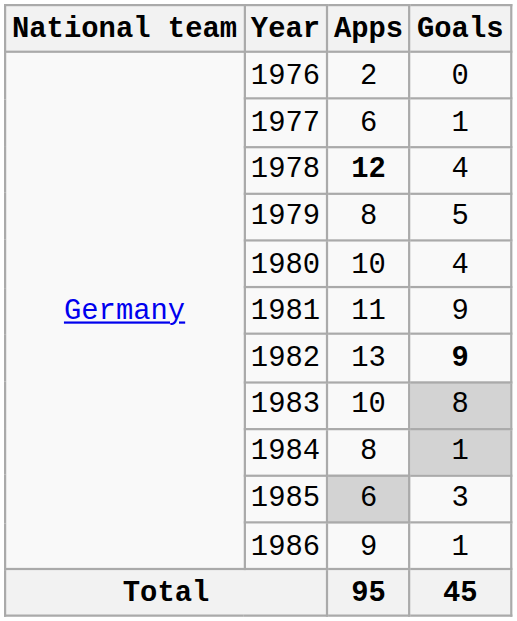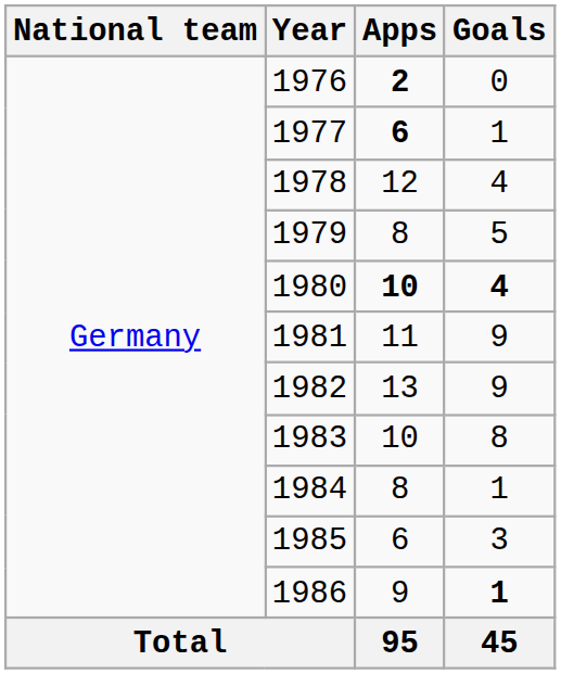 <table class="wikitable" style="text-align:center">
 <tr>
 <th>National team</th>
 <th>Year</th>
 <th>Apps</th>
 <th>Goals</th>
 </tr>
 <tr>
 <td rowspan="11"><a href='#'>Germany</a></td>
 <td>1976</td>
-<td>2</td>
+<td><strong>2</strong></td>
 <td>0</td>
 </tr>
 <tr>
 <td>1977</td>
-<td>6</td>
+<td><strong>6</strong></td>
 <td>1</td>
 </tr>
 <tr>
 <td>1978</td>
-<td><strong>12</strong></td>
+<td>12</td>
 <td>4</td>
 </tr>
 <tr>
 <td>1979</td>
 <td>8</td>
 <td>5</td>
 </tr>
 <tr>
 <td>1980</td>
-<td>10</td>
-<td>4</td>
+<td><strong>10</strong></td>
+<td><strong>4</strong></td>
 </tr>
 <tr>
 <td>1981</td>
 <td>11</td>
 <td>9</td>
 </tr>
 <tr>
 <td>1982</td>
 <td>13</td>
-<td><strong>9</strong></td>
+<td>9</td>
 </tr>
 <tr>
 <td>1983</td>
 <td>10</td>
-<td style="background: lightgrey;">8</td>
+<td>8</td>
 </tr>
 <tr>
 <td>1984</td>
 <td>8</td>
-<td style="background: lightgrey;">1</td>
+<td>1</td>
 </tr>
 <tr>
 <td>1985</td>
-<td style="background: lightgrey;">6</td>
+<td>6</td>
 <td>3</td>
 </tr>
 <tr>
 <td>1986</td>
 <td>9</td>
-<td>1</td>
+<td><strong>1</strong></td>
 </tr>
 <tr>
 <th colspan="2">Total</th>
 <th>95</th>
 <th>45</th>
 </tr>
 </table>
